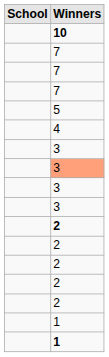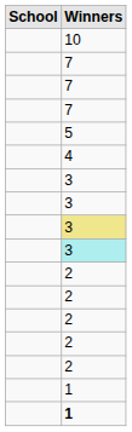 <table class="wikitable">
 <tr>
 <th style="background:#e5e5e5;">School</th>
 <th style="background:#e5e5e5;">Winners</th>
 </tr>
 <tr>
 <td><strong><a href='#'></a></strong></td>
-<td><strong>10</strong></td>
+<td>10</td>
 </tr>
 <tr>
 <td><strong><a href='#'></a></strong></td>
 <td>7</td>
 </tr>
 <tr>
 <td><strong><a href='#'></a></strong></td>
 <td>7</td>
 </tr>
 <tr>
 <td><strong><a href='#'></a></strong></td>
 <td>7</td>
 </tr>
 <tr>
 <td><strong><a href='#'></a></strong></td>
 <td>5</td>
 </tr>
 <tr>
 <td><strong><a href='#'></a></strong></td>
 <td>4</td>
 </tr>
 <tr>
 <td><strong><a href='#'></a></strong></td>
 <td>3</td>
 </tr>
 <tr>
 <td><strong><a href='#'></a></strong></td>
-<td style="background: lightsalmon;">3</td>
-</tr>
-<tr>
-<td><strong><a href='#'></a></strong></td>
 <td>3</td>
 </tr>
 <tr>
 <td><strong><a href='#'></a></strong></td>
-<td>3</td>
+<td style="background: khaki;">3</td>
 </tr>
 <tr>
 <td><strong><a href='#'></a></strong></td>
-<td><strong>2</strong></td>
+<td style="background: paleturquoise;">3</td>
+</tr>
+<tr>
+<td><strong><a href='#'></a></strong></td>
+<td>2</td>
 </tr>
 <tr>
 <td><strong><a href='#'></a></strong></td>
 <td>2</td>
 </tr>
 <tr>
 <td><strong><a href='#'></a></strong></td>
 <td>2</td>
 </tr>
 <tr>
 <td><strong><a href='#'></a></strong></td>
 <td>2</td>
 </tr>
 <tr>
 <td><strong><a href='#'></a></strong></td>
 <td>2</td>
 </tr>
 <tr>
 <td><strong><a href='#'></a></strong></td>
 <td>1</td>
 </tr>
 <tr>
 <td><strong><a href='#'></a></strong></td>
 <td><strong>1</strong></td>
 </tr>
 </table>
